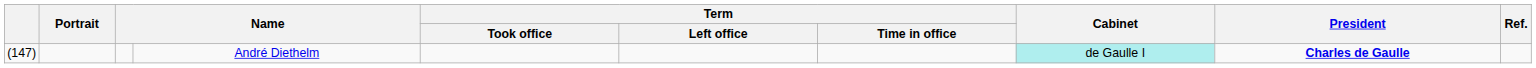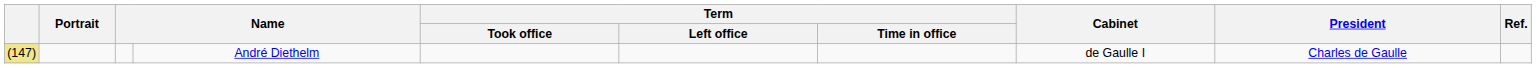 <table class="wikitable" style="text-align:center; width:100%">
 <tr>
 <th style="width:2%" rowspan=2></th>
 <th style="width:5%" rowspan=2>Portrait</th>
 <th style="width:20%" rowspan=2, colspan=2>Name</th>
 <th colspan=3>Term</th>
 <th style="width:13%" rowspan=2>Cabinet</th>
 <th rowspan=2><a href='#'>President</a></th>
 <th style="width:2%" rowspan=2>Ref.</th>
 </tr>
 <tr>
 <th style="width:13%">Took office</th>
 <th style="width:13%">Left office</th>
 <th style="width:13%">Time in office</th>
 </tr>
 <tr>
-<td>(147)</td>
+<td style="background: khaki;">(147)</td>
 <td></td>
 <td style="background:"></td>
 <td><a href='#'>André Diethelm</a></td>
 <td></td>
 <td></td>
 <td></td>
-<td style="background: paleturquoise;">de Gaulle I</td>
-<td><strong><a href='#'>Charles de Gaulle</a></strong></td>
+<td>de Gaulle I</td>
+<td><a href='#'>Charles de Gaulle</a></td>
 <td></td>
 </tr>
 </table>
